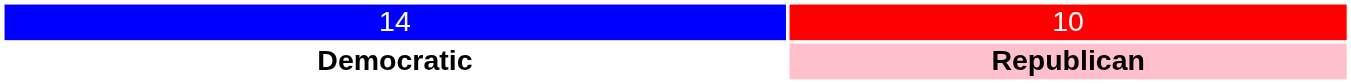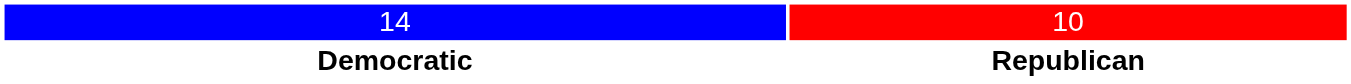 <table style="width:60%; text-align:center;">
 <tr style="color:white;">
 <td style="background:blue; width:58.3%;">14</td>
 <td style="background:red; width:41.7%;">10</td>
 </tr>
 <tr>
 <td><span><strong>Democratic</strong></span></td>
-<td style="background: pink;"><span><strong>Republican</strong></span></td>
+<td><span><strong>Republican</strong></span></td>
 </tr>
 </table>
